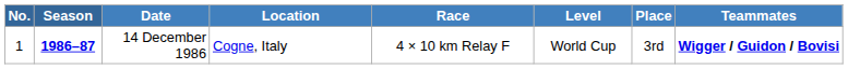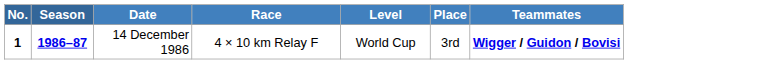 <table class="wikitable sortable" style="font-size:95%; text-align:center; border:grey solid 1px; border-collapse:collapse; background:#ffffff;">
 <tr style="background:#efefef;">
 <th style="background-color:#369; color:white;">No.</th>
 <th style="background-color:#369; color:white;">Season</th>
 <th style="background-color:#4180be; color:white; width:110px;">Date</th>
-<th style="background-color:#4180be; color:white; width:170px;">Location</th>
 <th style="background-color:#4180be; color:white; width:170px;">Race</th>
 <th style="background-color:#4180be; color:white; width:100px;">Level</th>
 <th style="background-color:#4180be; color:white;">Place</th>
 <th style="background-color:#4180be; color:white;">Teammates</th>
 </tr>
 <tr>
-<td align=center>1</td>
+<td align=center><strong>1</strong></td>
 <td rowspan=1 align=center><strong> <a href='#'>1986–87</a> </strong></td>
 <td align=right>14 December 1986</td>
-<td align=left> <a href='#'>Cogne</a>, Italy</td>
 <td>4 × 10 km Relay F</td>
 <td>World Cup</td>
 <td>3rd</td>
 <td><strong><a href='#'>Wigger</a> / <a href='#'>Guidon</a> / <a href='#'>Bovisi</a></strong></td>
 </tr>
 </table>
